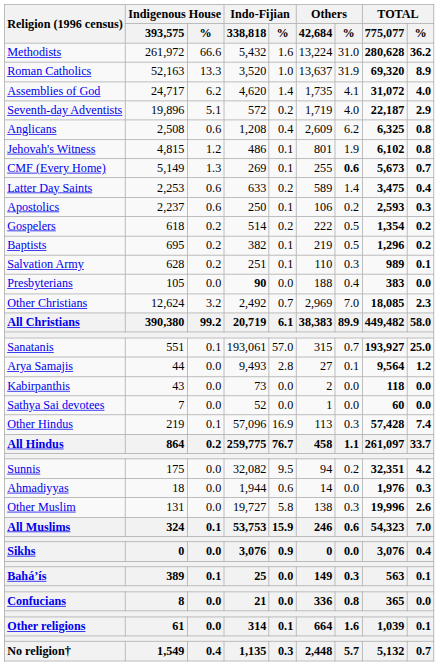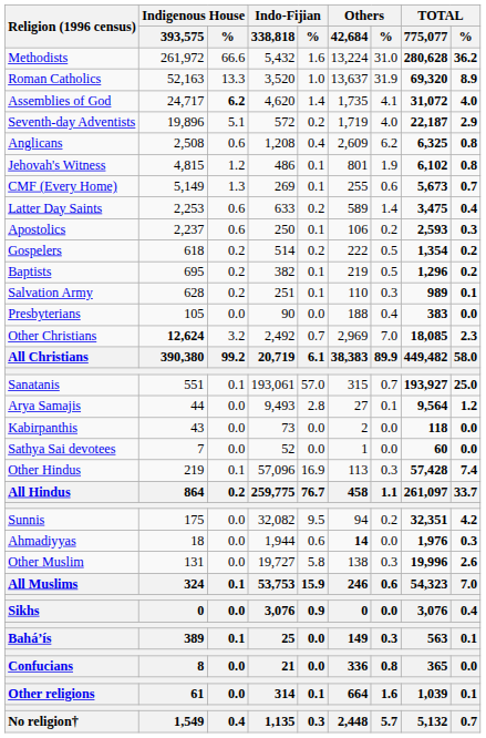 <table class="wikitable" style=text-align:right>
 <tr>
 <th rowspan=2>Religion (1996 census)</th>
 <th colspan=2>Indigenous House</th>
 <th colspan=2>Indo-Fijian</th>
 <th colspan=2>Others</th>
 <th colspan=2>TOTAL</th>
 </tr>
 <tr>
 <th style=text-align:right>393,575</th>
 <th>%</th>
 <th style=text-align:right>338,818</th>
 <th>%</th>
 <th style=text-align:right>42,684</th>
 <th>%</th>
 <th style=text-align:right>775,077</th>
 <th>%</th>
 </tr>
 <tr>
 <td style=text-align:left><a href='#'>Methodists</a></td>
 <td>261,972</td>
 <td>66.6</td>
 <td>5,432</td>
 <td>1.6</td>
 <td>13,224</td>
 <td>31.0</td>
 <td><strong>280,628</strong></td>
 <td><strong>36.2</strong></td>
 </tr>
 <tr>
 <td style=text-align:left><a href='#'>Roman Catholics</a></td>
 <td>52,163</td>
 <td>13.3</td>
 <td>3,520</td>
 <td>1.0</td>
 <td>13,637</td>
 <td>31.9</td>
 <td><strong>69,320</strong></td>
 <td><strong>8.9</strong></td>
 </tr>
 <tr>
 <td style=text-align:left><a href='#'>Assemblies of God</a></td>
 <td>24,717</td>
-<td>6.2</td>
+<td><strong>6.2</strong></td>
 <td>4,620</td>
 <td>1.4</td>
 <td>1,735</td>
 <td>4.1</td>
 <td><strong>31,072</strong></td>
 <td><strong>4.0</strong></td>
 </tr>
 <tr>
 <td style=text-align:left><a href='#'>Seventh-day Adventists</a></td>
 <td>19,896</td>
 <td>5.1</td>
 <td>572</td>
 <td>0.2</td>
 <td>1,719</td>
 <td>4.0</td>
 <td><strong>22,187</strong></td>
 <td><strong>2.9</strong></td>
 </tr>
 <tr>
 <td style=text-align:left><a href='#'>Anglicans</a></td>
 <td>2,508</td>
 <td>0.6</td>
 <td>1,208</td>
 <td>0.4</td>
 <td>2,609</td>
 <td>6.2</td>
 <td><strong>6,325</strong></td>
 <td><strong>0.8</strong></td>
 </tr>
 <tr>
 <td style=text-align:left><a href='#'>Jehovah's Witness</a></td>
 <td>4,815</td>
 <td>1.2</td>
 <td>486</td>
 <td>0.1</td>
 <td>801</td>
 <td>1.9</td>
 <td><strong>6,102</strong></td>
 <td><strong>0.8</strong></td>
 </tr>
 <tr>
 <td style=text-align:left><a href='#'>CMF (Every Home)</a></td>
 <td>5,149</td>
 <td>1.3</td>
 <td>269</td>
 <td>0.1</td>
 <td>255</td>
-<td><strong>0.6</strong></td>
+<td>0.6</td>
 <td><strong>5,673</strong></td>
 <td><strong>0.7</strong></td>
 </tr>
 <tr>
 <td style=text-align:left><a href='#'>Latter Day Saints</a></td>
 <td>2,253</td>
 <td>0.6</td>
 <td>633</td>
 <td>0.2</td>
 <td>589</td>
 <td>1.4</td>
 <td><strong>3,475</strong></td>
 <td><strong>0.4</strong></td>
 </tr>
 <tr>
 <td style=text-align:left><a href='#'>Apostolics</a></td>
 <td>2,237</td>
 <td>0.6</td>
 <td>250</td>
 <td>0.1</td>
 <td>106</td>
 <td>0.2</td>
 <td><strong>2,593</strong></td>
 <td><strong>0.3</strong></td>
 </tr>
 <tr>
 <td style=text-align:left><a href='#'>Gospelers</a></td>
 <td>618</td>
 <td>0.2</td>
 <td>514</td>
 <td>0.2</td>
 <td>222</td>
 <td>0.5</td>
 <td><strong>1,354</strong></td>
 <td><strong>0.2</strong></td>
 </tr>
 <tr>
 <td style=text-align:left><a href='#'>Baptists</a></td>
 <td>695</td>
 <td>0.2</td>
 <td>382</td>
 <td>0.1</td>
 <td>219</td>
 <td>0.5</td>
 <td><strong>1,296</strong></td>
 <td><strong>0.2</strong></td>
 </tr>
 <tr>
 <td style=text-align:left><a href='#'>Salvation Army</a></td>
 <td>628</td>
 <td>0.2</td>
 <td>251</td>
 <td>0.1</td>
 <td>110</td>
 <td>0.3</td>
 <td><strong>989</strong></td>
 <td><strong>0.1</strong></td>
 </tr>
 <tr>
 <td style=text-align:left><a href='#'>Presbyterians</a></td>
 <td>105</td>
 <td>0.0</td>
-<td><strong>90</strong></td>
+<td>90</td>
 <td>0.0</td>
 <td>188</td>
 <td>0.4</td>
 <td><strong>383</strong></td>
 <td><strong>0.0</strong></td>
 </tr>
 <tr>
 <td style=text-align:left><a href='#'>Other Christians</a></td>
-<td>12,624</td>
+<td><strong>12,624</strong></td>
 <td>3.2</td>
 <td>2,492</td>
 <td>0.7</td>
 <td>2,969</td>
 <td>7.0</td>
 <td><strong>18,085</strong></td>
 <td><strong>2.3</strong></td>
 </tr>
 <tr>
 <th style=text-align:left><a href='#'>All Christians</a></th>
 <th style=text-align:right>390,380</th>
 <th style=text-align:right>99.2</th>
 <th style=text-align:right>20,719</th>
 <th style=text-align:right>6.1</th>
 <th style=text-align:right>38,383</th>
 <th style=text-align:right>89.9</th>
 <th style=text-align:right>449,482</th>
 <th style=text-align:right>58.0</th>
 </tr>
 <tr>
 <th colspan=9></th>
 </tr>
 <tr>
 <td style=text-align:left><a href='#'>Sanatanis</a></td>
 <td>551</td>
 <td>0.1</td>
 <td>193,061</td>
 <td>57.0</td>
 <td>315</td>
 <td>0.7</td>
 <td><strong>193,927</strong></td>
 <td><strong>25.0</strong></td>
 </tr>
 <tr>
 <td style=text-align:left><a href='#'>Arya Samajis</a></td>
 <td>44</td>
 <td>0.0</td>
 <td>9,493</td>
 <td>2.8</td>
 <td>27</td>
 <td>0.1</td>
 <td><strong>9,564</strong></td>
 <td><strong>1.2</strong></td>
 </tr>
 <tr>
 <td style=text-align:left><a href='#'>Kabirpanthis</a></td>
 <td>43</td>
 <td>0.0</td>
 <td>73</td>
 <td>0.0</td>
 <td>2</td>
 <td>0.0</td>
 <td><strong>118</strong></td>
 <td><strong>0.0</strong></td>
 </tr>
 <tr>
 <td style=text-align:left><a href='#'>Sathya Sai devotees</a></td>
 <td>7</td>
 <td>0.0</td>
 <td>52</td>
 <td>0.0</td>
 <td>1</td>
 <td>0.0</td>
 <td><strong>60</strong></td>
 <td><strong>0.0</strong></td>
 </tr>
 <tr>
 <td style=text-align:left><a href='#'>Other Hindus</a></td>
 <td>219</td>
 <td>0.1</td>
 <td>57,096</td>
 <td>16.9</td>
 <td>113</td>
 <td>0.3</td>
 <td><strong>57,428</strong></td>
 <td><strong>7.4</strong></td>
 </tr>
 <tr>
 <th style=text-align:left><a href='#'>All Hindus</a></th>
 <th style=text-align:right>864</th>
 <th style=text-align:right>0.2</th>
 <th style=text-align:right>259,775</th>
 <th style=text-align:right>76.7</th>
 <th style=text-align:right>458</th>
 <th style=text-align:right>1.1</th>
 <th style=text-align:right>261,097</th>
 <th style=text-align:right>33.7</th>
 </tr>
 <tr>
 <th colspan=9></th>
 </tr>
 <tr>
 <td style=text-align:left><a href='#'>Sunnis</a></td>
 <td>175</td>
 <td>0.0</td>
 <td>32,082</td>
 <td>9.5</td>
 <td>94</td>
 <td>0.2</td>
 <td><strong>32,351</strong></td>
 <td><strong>4.2</strong></td>
 </tr>
 <tr>
 <td style=text-align:left><a href='#'>Ahmadiyyas</a></td>
 <td>18</td>
 <td>0.0</td>
 <td>1,944</td>
 <td>0.6</td>
-<td>14</td>
+<td><strong>14</strong></td>
 <td>0.0</td>
 <td><strong>1,976</strong></td>
 <td><strong>0.3</strong></td>
 </tr>
 <tr>
 <td style=text-align:left><a href='#'>Other Muslim</a></td>
 <td>131</td>
 <td>0.0</td>
 <td>19,727</td>
 <td>5.8</td>
 <td>138</td>
 <td>0.3</td>
 <td><strong>19,996</strong></td>
 <td><strong>2.6</strong></td>
 </tr>
 <tr>
 <th style=text-align:left><a href='#'>All Muslims</a></th>
 <th style=text-align:right>324</th>
 <th style=text-align:right>0.1</th>
 <th style=text-align:right>53,753</th>
 <th style=text-align:right>15.9</th>
 <th style=text-align:right>246</th>
 <th style=text-align:right>0.6</th>
 <th style=text-align:right>54,323</th>
 <th style=text-align:right>7.0</th>
 </tr>
 <tr>
 <th colspan=9></th>
 </tr>
 <tr>
 <th style=text-align:left><a href='#'>Sikhs</a></th>
 <th style=text-align:right>0</th>
 <th style=text-align:right>0.0</th>
 <th style=text-align:right>3,076</th>
 <th style=text-align:right>0.9</th>
 <th style=text-align:right>0</th>
 <th style=text-align:right>0.0</th>
 <th style=text-align:right>3,076</th>
 <th style=text-align:right>0.4</th>
 </tr>
 <tr>
 <th colspan=9></th>
 </tr>
 <tr>
 <th style=text-align:left><a href='#'>Baháʼís</a></th>
 <th style=text-align:right>389</th>
 <th style=text-align:right>0.1</th>
 <th style=text-align:right>25</th>
 <th style=text-align:right>0.0</th>
 <th style=text-align:right>149</th>
 <th style=text-align:right>0.3</th>
 <th style=text-align:right>563</th>
 <th style=text-align:right>0.1</th>
 </tr>
 <tr>
 <th colspan=9></th>
 </tr>
 <tr>
 <th style=text-align:left><a href='#'>Confucians</a></th>
 <th style=text-align:right>8</th>
 <th style=text-align:right>0.0</th>
 <th style=text-align:right>21</th>
 <th style=text-align:right>0.0</th>
 <th style=text-align:right>336</th>
 <th style=text-align:right>0.8</th>
 <th style=text-align:right>365</th>
 <th style=text-align:right>0.0</th>
 </tr>
 <tr>
 <th colspan=9></th>
 </tr>
 <tr>
 <th style=text-align:left><a href='#'>Other religions</a></th>
 <th style=text-align:right>61</th>
 <th style=text-align:right>0.0</th>
 <th style=text-align:right>314</th>
 <th style=text-align:right>0.1</th>
 <th style=text-align:right>664</th>
 <th style=text-align:right>1.6</th>
 <th style=text-align:right>1,039</th>
 <th style=text-align:right>0.1</th>
 </tr>
 <tr>
 <th colspan=9></th>
 </tr>
 <tr>
 <th style=text-align:left>No religion†</th>
 <th style=text-align:right>1,549</th>
 <th style=text-align:right>0.4</th>
 <th style=text-align:right>1,135</th>
 <th style=text-align:right>0.3</th>
 <th style=text-align:right>2,448</th>
 <th style=text-align:right>5.7</th>
 <th style=text-align:right>5,132</th>
 <th style=text-align:right>0.7</th>
 </tr>
 </table>
